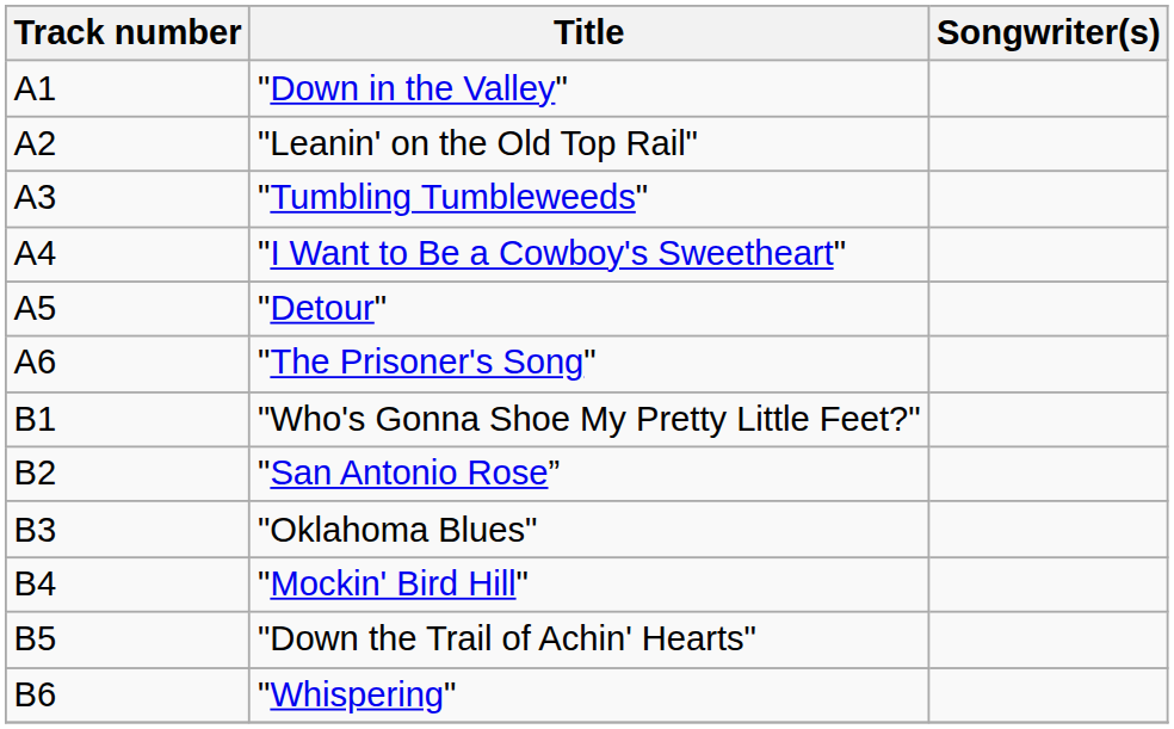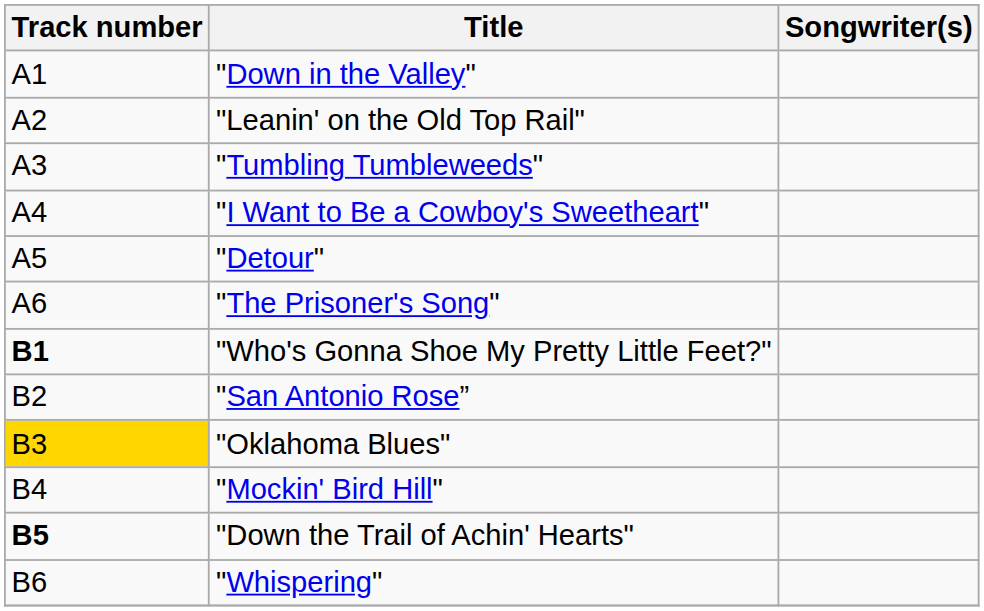 <table class="wikitable">
 <tr>
 <th>Track number</th>
 <th>Title</th>
 <th>Songwriter(s)</th>
 </tr>
 <tr>
 <td>A1</td>
 <td>"<a href='#'>Down in the Valley</a>"</td>
 <td></td>
 </tr>
 <tr>
 <td>A2</td>
 <td>"Leanin' on the Old Top Rail"</td>
 <td></td>
 </tr>
 <tr>
 <td>A3</td>
 <td>"<a href='#'>Tumbling Tumbleweeds</a>"</td>
 <td></td>
 </tr>
 <tr>
 <td>A4</td>
 <td>"<a href='#'>I Want to Be a Cowboy's Sweetheart</a>"</td>
 <td></td>
 </tr>
 <tr>
 <td>A5</td>
 <td>"<a href='#'>Detour</a>"</td>
 <td></td>
 </tr>
 <tr>
 <td>A6</td>
 <td>"<a href='#'>The Prisoner's Song</a>"</td>
 <td></td>
 </tr>
 <tr>
-<td>B1</td>
+<td><strong>B1</strong></td>
 <td>"Who's Gonna Shoe My Pretty Little Feet?"</td>
 <td></td>
 </tr>
 <tr>
 <td>B2</td>
 <td>"<a href='#'>San Antonio Rose</a>”</td>
 <td></td>
 </tr>
 <tr>
-<td>B3</td>
+<td style="background: gold;">B3</td>
 <td>"Oklahoma Blues"</td>
 <td></td>
 </tr>
 <tr>
 <td>B4</td>
 <td>"<a href='#'>Mockin' Bird Hill</a>"</td>
 <td></td>
 </tr>
 <tr>
-<td>B5</td>
+<td><strong>B5</strong></td>
 <td>"Down the Trail of Achin' Hearts"</td>
 <td></td>
 </tr>
 <tr>
 <td>B6</td>
 <td>"<a href='#'>Whispering</a>"</td>
 <td></td>
 </tr>
 <tr>
 </tr>
 </table>
